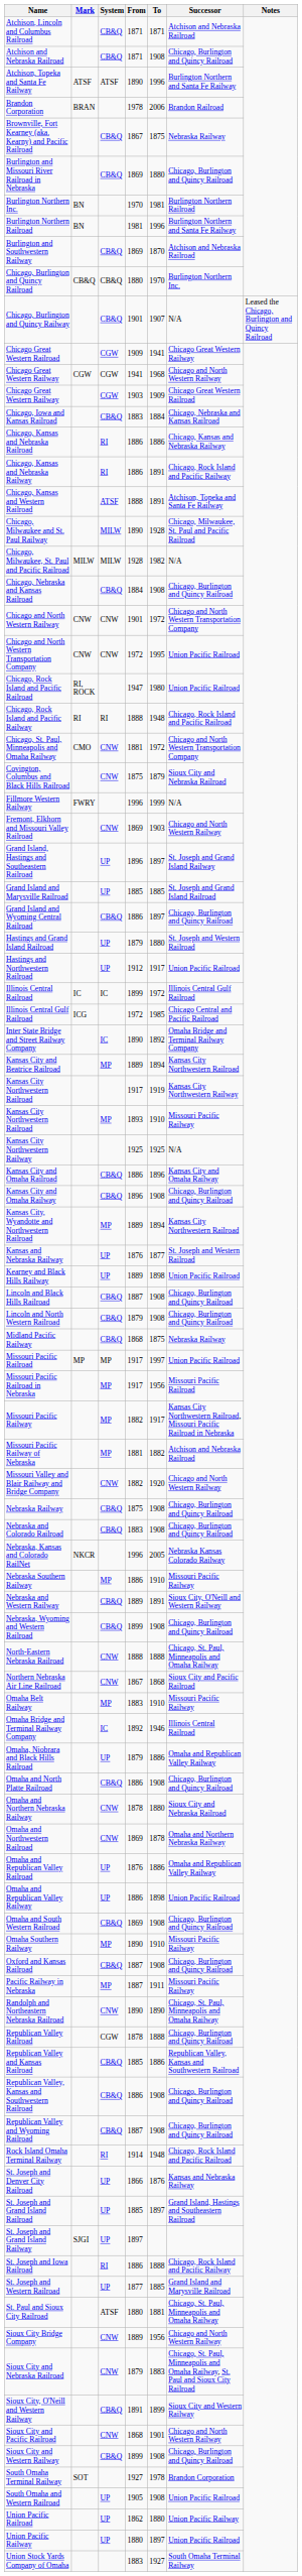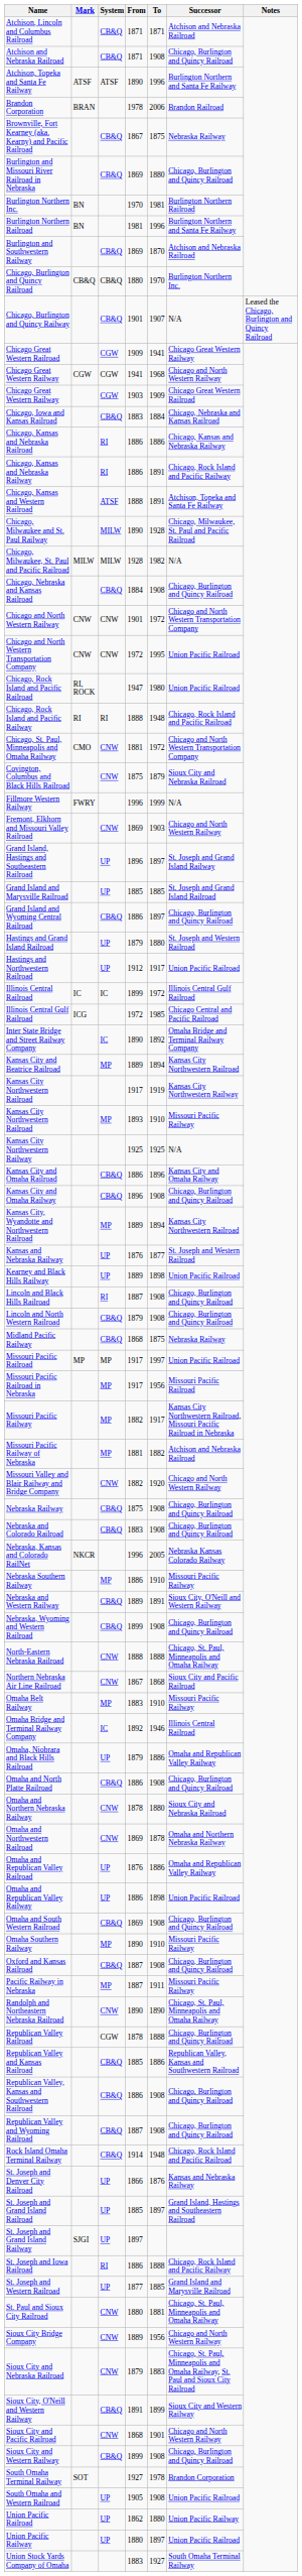 <table class="wikitable sortable">
 <tr>
 <th>Name</th>
 <th><a href='#'>Mark</a></th>
 <th>System</th>
 <th>From</th>
 <th>To</th>
 <th>Successor</th>
 <th>Notes</th>
 </tr>
 <tr>
 <td><a href='#'>Atchison, Lincoln and Columbus Railroad</a></td>
 <td></td>
 <td><a href='#'>CB&Q</a></td>
 <td>1871</td>
 <td>1871</td>
 <td><a href='#'>Atchison and Nebraska Railroad</a></td>
 </tr>
 <tr>
 <td><a href='#'>Atchison and Nebraska Railroad</a></td>
 <td></td>
 <td><a href='#'>CB&Q</a></td>
 <td>1871</td>
 <td>1908</td>
 <td><a href='#'>Chicago, Burlington and Quincy Railroad</a></td>
 </tr>
 <tr>
 <td><a href='#'>Atchison, Topeka and Santa Fe Railway</a></td>
 <td>ATSF</td>
 <td>ATSF</td>
 <td>1890</td>
 <td>1996</td>
 <td><a href='#'>Burlington Northern and Santa Fe Railway</a></td>
 </tr>
 <tr>
 <td><a href='#'>Brandon Corporation</a></td>
 <td>BRAN</td>
 <td></td>
 <td>1978</td>
 <td>2006</td>
 <td><a href='#'>Brandon Railroad</a></td>
 </tr>
 <tr>
 <td><a href='#'>Brownville, Fort Kearney (aka. Kearny) and Pacific Railroad</a></td>
 <td></td>
 <td><a href='#'>CB&Q</a></td>
 <td>1867</td>
 <td>1875</td>
 <td><a href='#'>Nebraska Railway</a></td>
 </tr>
 <tr>
 <td><a href='#'>Burlington and Missouri River Railroad in Nebraska</a></td>
 <td></td>
 <td><a href='#'>CB&Q</a></td>
 <td>1869</td>
 <td>1880</td>
 <td><a href='#'>Chicago, Burlington and Quincy Railroad</a></td>
 </tr>
 <tr>
 <td><a href='#'>Burlington Northern Inc.</a></td>
 <td>BN</td>
 <td></td>
 <td>1970</td>
 <td>1981</td>
 <td><a href='#'>Burlington Northern Railroad</a></td>
 </tr>
 <tr>
 <td><a href='#'>Burlington Northern Railroad</a></td>
 <td>BN</td>
 <td></td>
 <td>1981</td>
 <td>1996</td>
 <td><a href='#'>Burlington Northern and Santa Fe Railway</a></td>
 </tr>
 <tr>
 <td><a href='#'>Burlington and Southwestern Railway</a></td>
 <td></td>
 <td><a href='#'>CB&Q</a></td>
 <td>1869</td>
 <td>1870</td>
 <td><a href='#'>Atchison and Nebraska Railroad</a></td>
 </tr>
 <tr>
 <td><a href='#'>Chicago, Burlington and Quincy Railroad</a></td>
 <td>CB&Q</td>
 <td>CB&Q</td>
 <td>1880</td>
 <td>1970</td>
 <td><a href='#'>Burlington Northern Inc.</a></td>
 </tr>
 <tr>
 <td><a href='#'>Chicago, Burlington and Quincy Railway</a></td>
 <td></td>
 <td><a href='#'>CB&Q</a></td>
 <td>1901</td>
 <td>1907</td>
 <td>N/A</td>
 <td>Leased the <a href='#'>Chicago, Burlington and Quincy Railroad</a></td>
 </tr>
 <tr>
 <td><a href='#'>Chicago Great Western Railroad</a></td>
 <td></td>
 <td><a href='#'>CGW</a></td>
 <td>1909</td>
 <td>1941</td>
 <td><a href='#'>Chicago Great Western Railway</a></td>
 </tr>
 <tr>
 <td><a href='#'>Chicago Great Western Railway</a></td>
 <td>CGW</td>
 <td>CGW</td>
 <td>1941</td>
 <td>1968</td>
 <td><a href='#'>Chicago and North Western Railway</a></td>
 </tr>
 <tr>
 <td><a href='#'>Chicago Great Western Railway</a></td>
 <td></td>
 <td><a href='#'>CGW</a></td>
 <td>1903</td>
 <td>1909</td>
 <td><a href='#'>Chicago Great Western Railroad</a></td>
 </tr>
 <tr>
 <td><a href='#'>Chicago, Iowa and Kansas Railroad</a></td>
 <td></td>
 <td><a href='#'>CB&Q</a></td>
 <td>1883</td>
 <td>1884</td>
 <td><a href='#'>Chicago, Nebraska and Kansas Railroad</a></td>
 </tr>
 <tr>
 <td><a href='#'>Chicago, Kansas and Nebraska Railroad</a></td>
 <td></td>
 <td><a href='#'>RI</a></td>
 <td>1886</td>
 <td>1886</td>
 <td><a href='#'>Chicago, Kansas and Nebraska Railway</a></td>
 </tr>
 <tr>
 <td><a href='#'>Chicago, Kansas and Nebraska Railway</a></td>
 <td></td>
 <td><a href='#'>RI</a></td>
 <td>1886</td>
 <td>1891</td>
 <td><a href='#'>Chicago, Rock Island and Pacific Railway</a></td>
 </tr>
 <tr>
 <td><a href='#'>Chicago, Kansas and Western Railroad</a></td>
 <td></td>
 <td><a href='#'>ATSF</a></td>
 <td>1888</td>
 <td>1891</td>
 <td><a href='#'>Atchison, Topeka and Santa Fe Railway</a></td>
 </tr>
 <tr>
 <td><a href='#'>Chicago, Milwaukee and St. Paul Railway</a></td>
 <td></td>
 <td><a href='#'>MILW</a></td>
 <td>1890</td>
 <td>1928</td>
 <td><a href='#'>Chicago, Milwaukee, St. Paul and Pacific Railroad</a></td>
 </tr>
 <tr>
 <td><a href='#'>Chicago, Milwaukee, St. Paul and Pacific Railroad</a></td>
 <td>MILW</td>
 <td>MILW</td>
 <td>1928</td>
 <td>1982</td>
 <td>N/A</td>
 </tr>
 <tr>
 <td><a href='#'>Chicago, Nebraska and Kansas Railroad</a></td>
 <td></td>
 <td><a href='#'>CB&Q</a></td>
 <td>1884</td>
 <td>1908</td>
 <td><a href='#'>Chicago, Burlington and Quincy Railroad</a></td>
 </tr>
 <tr>
 <td><a href='#'>Chicago and North Western Railway</a></td>
 <td>CNW</td>
 <td>CNW</td>
 <td>1901</td>
 <td>1972</td>
 <td><a href='#'>Chicago and North Western Transportation Company</a></td>
 </tr>
 <tr>
 <td><a href='#'>Chicago and North Western Transportation Company</a></td>
 <td>CNW</td>
 <td>CNW</td>
 <td>1972</td>
 <td>1995</td>
 <td><a href='#'>Union Pacific Railroad</a></td>
 </tr>
 <tr>
 <td><a href='#'>Chicago, Rock Island and Pacific Railroad</a></td>
 <td>RI, ROCK</td>
 <td></td>
 <td>1947</td>
 <td>1980</td>
 <td><a href='#'>Union Pacific Railroad</a></td>
 </tr>
 <tr>
 <td><a href='#'>Chicago, Rock Island and Pacific Railway</a></td>
 <td>RI</td>
 <td>RI</td>
 <td>1888</td>
 <td>1948</td>
 <td><a href='#'>Chicago, Rock Island and Pacific Railroad</a></td>
 </tr>
 <tr>
 <td><a href='#'>Chicago, St. Paul, Minneapolis and Omaha Railway</a></td>
 <td>CMO</td>
 <td><a href='#'>CNW</a></td>
 <td>1881</td>
 <td>1972</td>
 <td><a href='#'>Chicago and North Western Transportation Company</a></td>
 </tr>
 <tr>
 <td><a href='#'>Covington, Columbus and Black Hills Railroad</a></td>
 <td></td>
 <td><a href='#'>CNW</a></td>
 <td>1875</td>
 <td>1879</td>
 <td><a href='#'>Sioux City and Nebraska Railroad</a></td>
 </tr>
 <tr>
 <td><a href='#'>Fillmore Western Railway</a></td>
 <td>FWRY</td>
 <td></td>
 <td>1996</td>
 <td>1999</td>
 <td>N/A</td>
 </tr>
 <tr>
 <td><a href='#'>Fremont, Elkhorn and Missouri Valley Railroad</a></td>
 <td></td>
 <td><a href='#'>CNW</a></td>
 <td>1869</td>
 <td>1903</td>
 <td><a href='#'>Chicago and North Western Railway</a></td>
 </tr>
 <tr>
 <td><a href='#'>Grand Island, Hastings and Southeastern Railroad</a></td>
 <td></td>
 <td><a href='#'>UP</a></td>
 <td>1896</td>
 <td>1897</td>
 <td><a href='#'>St. Joseph and Grand Island Railway</a></td>
 </tr>
 <tr>
 <td><a href='#'>Grand Island and Marysville Railroad</a></td>
 <td></td>
 <td><a href='#'>UP</a></td>
 <td>1885</td>
 <td>1885</td>
 <td><a href='#'>St. Joseph and Grand Island Railroad</a></td>
 </tr>
 <tr>
 <td><a href='#'>Grand Island and Wyoming Central Railroad</a></td>
 <td></td>
 <td><a href='#'>CB&Q</a></td>
 <td>1886</td>
 <td>1897</td>
 <td><a href='#'>Chicago, Burlington and Quincy Railroad</a></td>
 </tr>
 <tr>
 <td><a href='#'>Hastings and Grand Island Railroad</a></td>
 <td></td>
 <td><a href='#'>UP</a></td>
 <td>1879</td>
 <td>1880</td>
 <td><a href='#'>St. Joseph and Western Railroad</a></td>
 </tr>
 <tr>
 <td><a href='#'>Hastings and Northwestern Railroad</a></td>
 <td></td>
 <td><a href='#'>UP</a></td>
 <td>1912</td>
 <td>1917</td>
 <td><a href='#'>Union Pacific Railroad</a></td>
 </tr>
 <tr>
 <td><a href='#'>Illinois Central Railroad</a></td>
 <td>IC</td>
 <td>IC</td>
 <td>1899</td>
 <td>1972</td>
 <td><a href='#'>Illinois Central Gulf Railroad</a></td>
 </tr>
 <tr>
 <td><a href='#'>Illinois Central Gulf Railroad</a></td>
 <td>ICG</td>
 <td></td>
 <td>1972</td>
 <td>1985</td>
 <td><a href='#'>Chicago Central and Pacific Railroad</a></td>
 </tr>
 <tr>
 <td><a href='#'>Inter State Bridge and Street Railway Company</a></td>
 <td></td>
 <td><a href='#'>IC</a></td>
 <td>1890</td>
 <td>1892</td>
 <td><a href='#'>Omaha Bridge and Terminal Railway Company</a></td>
 </tr>
 <tr>
 <td><a href='#'>Kansas City and Beatrice Railroad</a></td>
 <td></td>
 <td><a href='#'>MP</a></td>
 <td>1889</td>
 <td>1894</td>
 <td><a href='#'>Kansas City Northwestern Railroad</a></td>
 </tr>
 <tr>
 <td><a href='#'>Kansas City Northwestern Railroad</a></td>
 <td></td>
 <td></td>
 <td>1917</td>
 <td>1919</td>
 <td><a href='#'>Kansas City Northwestern Railway</a></td>
 </tr>
 <tr>
 <td><a href='#'>Kansas City Northwestern Railroad</a></td>
 <td></td>
 <td><a href='#'>MP</a></td>
 <td>1893</td>
 <td>1910</td>
 <td><a href='#'>Missouri Pacific Railway</a></td>
 </tr>
 <tr>
 <td><a href='#'>Kansas City Northwestern Railway</a></td>
 <td></td>
 <td></td>
 <td>1925</td>
 <td>1925</td>
 <td>N/A</td>
 </tr>
 <tr>
 <td><a href='#'>Kansas City and Omaha Railroad</a></td>
 <td></td>
 <td><a href='#'>CB&Q</a></td>
 <td>1886</td>
 <td>1896</td>
 <td><a href='#'>Kansas City and Omaha Railway</a></td>
 </tr>
 <tr>
 <td><a href='#'>Kansas City and Omaha Railway</a></td>
 <td></td>
 <td><a href='#'>CB&Q</a></td>
 <td>1896</td>
 <td>1908</td>
 <td><a href='#'>Chicago, Burlington and Quincy Railroad</a></td>
 </tr>
 <tr>
 <td><a href='#'>Kansas City, Wyandotte and Northwestern Railroad</a></td>
 <td></td>
 <td><a href='#'>MP</a></td>
 <td>1889</td>
 <td>1894</td>
 <td><a href='#'>Kansas City Northwestern Railroad</a></td>
 </tr>
 <tr>
 <td><a href='#'>Kansas and Nebraska Railway</a></td>
 <td></td>
 <td><a href='#'>UP</a></td>
 <td>1876</td>
 <td>1877</td>
 <td><a href='#'>St. Joseph and Western Railroad</a></td>
 </tr>
 <tr>
 <td><a href='#'>Kearney and Black Hills Railway</a></td>
 <td></td>
 <td><a href='#'>UP</a></td>
 <td>1889</td>
 <td>1898</td>
 <td><a href='#'>Union Pacific Railroad</a></td>
 </tr>
 <tr>
 <td><a href='#'>Lincoln and Black Hills Railroad</a></td>
 <td></td>
-<td><a href='#'>CB&Q</a></td>
+<td><a href='#'>RI</a></td>
 <td>1887</td>
 <td>1908</td>
 <td><a href='#'>Chicago, Burlington and Quincy Railroad</a></td>
 </tr>
 <tr>
 <td><a href='#'>Lincoln and North Western Railroad</a></td>
 <td></td>
 <td><a href='#'>CB&Q</a></td>
 <td>1879</td>
 <td>1908</td>
 <td><a href='#'>Chicago, Burlington and Quincy Railroad</a></td>
 </tr>
 <tr>
 <td><a href='#'>Midland Pacific Railway</a></td>
 <td></td>
 <td><a href='#'>CB&Q</a></td>
 <td>1868</td>
 <td>1875</td>
 <td><a href='#'>Nebraska Railway</a></td>
 </tr>
 <tr>
 <td><a href='#'>Missouri Pacific Railroad</a></td>
 <td>MP</td>
 <td>MP</td>
 <td>1917</td>
 <td>1997</td>
 <td><a href='#'>Union Pacific Railroad</a></td>
 </tr>
 <tr>
 <td><a href='#'>Missouri Pacific Railroad in Nebraska</a></td>
 <td></td>
 <td><a href='#'>MP</a></td>
 <td>1917</td>
 <td>1956</td>
 <td><a href='#'>Missouri Pacific Railroad</a></td>
 </tr>
 <tr>
 <td><a href='#'>Missouri Pacific Railway</a></td>
 <td></td>
 <td><a href='#'>MP</a></td>
 <td>1882</td>
 <td>1917</td>
 <td><a href='#'>Kansas City Northwestern Railroad</a>, <a href='#'>Missouri Pacific Railroad in Nebraska</a></td>
 </tr>
 <tr>
 <td><a href='#'>Missouri Pacific Railway of Nebraska</a></td>
 <td></td>
 <td><a href='#'>MP</a></td>
 <td>1881</td>
 <td>1882</td>
 <td><a href='#'>Atchison and Nebraska Railroad</a></td>
 </tr>
 <tr>
 <td><a href='#'>Missouri Valley and Blair Railway and Bridge Company</a></td>
 <td></td>
 <td><a href='#'>CNW</a></td>
 <td>1882</td>
 <td>1920</td>
 <td><a href='#'>Chicago and North Western Railway</a></td>
 </tr>
 <tr>
 <td><a href='#'>Nebraska Railway</a></td>
 <td></td>
 <td><a href='#'>CB&Q</a></td>
 <td>1875</td>
 <td>1908</td>
 <td><a href='#'>Chicago, Burlington and Quincy Railroad</a></td>
 </tr>
 <tr>
 <td><a href='#'>Nebraska and Colorado Railroad</a></td>
 <td></td>
 <td><a href='#'>CB&Q</a></td>
 <td>1883</td>
 <td>1908</td>
 <td><a href='#'>Chicago, Burlington and Quincy Railroad</a></td>
 </tr>
 <tr>
 <td><a href='#'>Nebraska, Kansas and Colorado RailNet</a></td>
 <td>NKCR</td>
 <td></td>
 <td>1996</td>
 <td>2005</td>
 <td><a href='#'>Nebraska Kansas Colorado Railway</a></td>
 </tr>
 <tr>
 <td><a href='#'>Nebraska Southern Railway</a></td>
 <td></td>
 <td><a href='#'>MP</a></td>
 <td>1886</td>
 <td>1910</td>
 <td><a href='#'>Missouri Pacific Railway</a></td>
 </tr>
 <tr>
 <td><a href='#'>Nebraska and Western Railway</a></td>
 <td></td>
 <td><a href='#'>CB&Q</a></td>
 <td>1889</td>
 <td>1891</td>
 <td><a href='#'>Sioux City, O'Neill and Western Railway</a></td>
 </tr>
 <tr>
 <td><a href='#'>Nebraska, Wyoming and Western Railroad</a></td>
 <td></td>
 <td><a href='#'>CB&Q</a></td>
 <td>1899</td>
 <td>1908</td>
 <td><a href='#'>Chicago, Burlington and Quincy Railroad</a></td>
 </tr>
 <tr>
 <td><a href='#'>North-Eastern Nebraska Railroad</a></td>
 <td></td>
 <td><a href='#'>CNW</a></td>
 <td>1888</td>
 <td>1888</td>
 <td><a href='#'>Chicago, St. Paul, Minneapolis and Omaha Railway</a></td>
 </tr>
 <tr>
 <td><a href='#'>Northern Nebraska Air Line Railroad</a></td>
 <td></td>
 <td><a href='#'>CNW</a></td>
 <td>1867</td>
 <td>1868</td>
 <td><a href='#'>Sioux City and Pacific Railroad</a></td>
 </tr>
 <tr>
 <td><a href='#'>Omaha Belt Railway</a></td>
 <td></td>
 <td><a href='#'>MP</a></td>
 <td>1883</td>
 <td>1910</td>
 <td><a href='#'>Missouri Pacific Railway</a></td>
 </tr>
 <tr>
 <td><a href='#'>Omaha Bridge and Terminal Railway Company</a></td>
 <td></td>
 <td><a href='#'>IC</a></td>
 <td>1892</td>
 <td>1946</td>
 <td><a href='#'>Illinois Central Railroad</a></td>
 </tr>
 <tr>
 <td><a href='#'>Omaha, Niobrara and Black Hills Railroad</a></td>
 <td></td>
 <td><a href='#'>UP</a></td>
 <td>1879</td>
 <td>1886</td>
 <td><a href='#'>Omaha and Republican Valley Railway</a></td>
 </tr>
 <tr>
 <td><a href='#'>Omaha and North Platte Railroad</a></td>
 <td></td>
 <td><a href='#'>CB&Q</a></td>
 <td>1886</td>
 <td>1908</td>
 <td><a href='#'>Chicago, Burlington and Quincy Railroad</a></td>
 </tr>
 <tr>
 <td><a href='#'>Omaha and Northern Nebraska Railway</a></td>
 <td></td>
 <td><a href='#'>CNW</a></td>
 <td>1878</td>
 <td>1880</td>
 <td><a href='#'>Sioux City and Nebraska Railroad</a></td>
 </tr>
 <tr>
 <td><a href='#'>Omaha and Northwestern Railroad</a></td>
 <td></td>
 <td><a href='#'>CNW</a></td>
 <td>1869</td>
 <td>1878</td>
 <td><a href='#'>Omaha and Northern Nebraska Railway</a></td>
 </tr>
 <tr>
 <td><a href='#'>Omaha and Republican Valley Railroad</a></td>
 <td></td>
 <td><a href='#'>UP</a></td>
 <td>1876</td>
 <td>1886</td>
 <td><a href='#'>Omaha and Republican Valley Railway</a></td>
 </tr>
 <tr>
 <td><a href='#'>Omaha and Republican Valley Railway</a></td>
 <td></td>
 <td><a href='#'>UP</a></td>
 <td>1886</td>
 <td>1898</td>
 <td><a href='#'>Union Pacific Railroad</a></td>
 </tr>
 <tr>
 <td><a href='#'>Omaha and South Western Railroad</a></td>
 <td></td>
 <td><a href='#'>CB&Q</a></td>
 <td>1869</td>
 <td>1908</td>
 <td><a href='#'>Chicago, Burlington and Quincy Railroad</a></td>
 </tr>
 <tr>
 <td><a href='#'>Omaha Southern Railway</a></td>
 <td></td>
 <td><a href='#'>MP</a></td>
 <td>1890</td>
 <td>1910</td>
 <td><a href='#'>Missouri Pacific Railway</a></td>
 </tr>
 <tr>
 <td><a href='#'>Oxford and Kansas Railroad</a></td>
 <td></td>
 <td><a href='#'>CB&Q</a></td>
 <td>1887</td>
 <td>1908</td>
 <td><a href='#'>Chicago, Burlington and Quincy Railroad</a></td>
 </tr>
 <tr>
 <td><a href='#'>Pacific Railway in Nebraska</a></td>
 <td></td>
 <td><a href='#'>MP</a></td>
 <td>1887</td>
 <td>1911</td>
 <td><a href='#'>Missouri Pacific Railway</a></td>
 </tr>
 <tr>
 <td><a href='#'>Randolph and Northeastern Nebraska Railroad</a></td>
 <td></td>
 <td><a href='#'>CNW</a></td>
 <td>1890</td>
 <td>1890</td>
 <td><a href='#'>Chicago, St. Paul, Minneapolis and Omaha Railway</a></td>
 </tr>
 <tr>
 <td><a href='#'>Republican Valley Railroad</a></td>
 <td></td>
 <td>CGW</td>
 <td>1878</td>
 <td>1888</td>
 <td><a href='#'>Chicago, Burlington and Quincy Railroad</a></td>
 </tr>
 <tr>
 <td><a href='#'>Republican Valley and Kansas Railroad</a></td>
 <td></td>
 <td><a href='#'>CB&Q</a></td>
 <td>1885</td>
 <td>1886</td>
 <td><a href='#'>Republican Valley, Kansas and Southwestern Railroad</a></td>
 </tr>
 <tr>
 <td><a href='#'>Republican Valley, Kansas and Southwestern Railroad</a></td>
 <td></td>
 <td><a href='#'>CB&Q</a></td>
 <td>1886</td>
 <td>1908</td>
 <td><a href='#'>Chicago, Burlington and Quincy Railroad</a></td>
 </tr>
 <tr>
 <td><a href='#'>Republican Valley and Wyoming Railroad</a></td>
 <td></td>
 <td><a href='#'>CB&Q</a></td>
 <td>1887</td>
 <td>1908</td>
 <td><a href='#'>Chicago, Burlington and Quincy Railroad</a></td>
 </tr>
 <tr>
 <td><a href='#'>Rock Island Omaha Terminal Railway</a></td>
 <td></td>
-<td><a href='#'>RI</a></td>
+<td><a href='#'>CB&Q</a></td>
 <td>1914</td>
 <td>1948</td>
 <td><a href='#'>Chicago, Rock Island and Pacific Railroad</a></td>
 </tr>
 <tr>
 <td><a href='#'>St. Joseph and Denver City Railroad</a></td>
 <td></td>
 <td><a href='#'>UP</a></td>
 <td>1866</td>
 <td>1876</td>
 <td><a href='#'>Kansas and Nebraska Railway</a></td>
 </tr>
 <tr>
 <td><a href='#'>St. Joseph and Grand Island Railroad</a></td>
 <td></td>
 <td><a href='#'>UP</a></td>
 <td>1885</td>
 <td>1897</td>
 <td><a href='#'>Grand Island, Hastings and Southeastern Railroad</a></td>
 </tr>
 <tr>
 <td><a href='#'>St. Joseph and Grand Island Railway</a></td>
 <td>SJGI</td>
 <td><a href='#'>UP</a></td>
 <td>1897</td>
 <td></td>
 <td></td>
 </tr>
 <tr>
 <td><a href='#'>St. Joseph and Iowa Railroad</a></td>
 <td></td>
 <td><a href='#'>RI</a></td>
 <td>1886</td>
 <td>1888</td>
 <td><a href='#'>Chicago, Rock Island and Pacific Railway</a></td>
 </tr>
 <tr>
 <td><a href='#'>St. Joseph and Western Railroad</a></td>
 <td></td>
 <td><a href='#'>UP</a></td>
 <td>1877</td>
 <td>1885</td>
 <td><a href='#'>Grand Island and Marysville Railroad</a></td>
 </tr>
 <tr>
 <td><a href='#'>St. Paul and Sioux City Railroad</a></td>
 <td></td>
-<td>ATSF</td>
+<td><a href='#'>CNW</a></td>
 <td>1880</td>
 <td>1881</td>
 <td><a href='#'>Chicago, St. Paul, Minneapolis and Omaha Railway</a></td>
 </tr>
 <tr>
 <td><a href='#'>Sioux City Bridge Company</a></td>
 <td></td>
 <td><a href='#'>CNW</a></td>
 <td>1889</td>
 <td>1956</td>
 <td><a href='#'>Chicago and North Western Railway</a></td>
 </tr>
 <tr>
 <td><a href='#'>Sioux City and Nebraska Railroad</a></td>
 <td></td>
 <td><a href='#'>CNW</a></td>
 <td>1879</td>
 <td>1883</td>
 <td><a href='#'>Chicago, St. Paul, Minneapolis and Omaha Railway</a>, <a href='#'>St. Paul and Sioux City Railroad</a></td>
 </tr>
 <tr>
 <td><a href='#'>Sioux City, O'Neill and Western Railway</a></td>
 <td></td>
 <td><a href='#'>CB&Q</a></td>
 <td>1891</td>
 <td>1899</td>
 <td><a href='#'>Sioux City and Western Railway</a></td>
 </tr>
 <tr>
 <td><a href='#'>Sioux City and Pacific Railroad</a></td>
 <td></td>
 <td><a href='#'>CNW</a></td>
 <td>1868</td>
 <td>1901</td>
 <td><a href='#'>Chicago and North Western Railway</a></td>
 </tr>
 <tr>
 <td><a href='#'>Sioux City and Western Railway</a></td>
 <td></td>
 <td><a href='#'>CB&Q</a></td>
 <td>1899</td>
 <td>1908</td>
 <td><a href='#'>Chicago, Burlington and Quincy Railroad</a></td>
 </tr>
 <tr>
 <td><a href='#'>South Omaha Terminal Railway</a></td>
 <td>SOT</td>
 <td></td>
 <td>1927</td>
 <td>1978</td>
 <td><a href='#'>Brandon Corporation</a></td>
 </tr>
 <tr>
 <td><a href='#'>South Omaha and Western Railroad</a></td>
 <td></td>
 <td><a href='#'>UP</a></td>
 <td>1905</td>
 <td>1908</td>
 <td><a href='#'>Union Pacific Railroad</a></td>
 </tr>
 <tr>
 <td><a href='#'>Union Pacific Railroad</a></td>
 <td></td>
 <td><a href='#'>UP</a></td>
 <td>1862</td>
 <td>1880</td>
 <td><a href='#'>Union Pacific Railway</a></td>
 </tr>
 <tr>
 <td><a href='#'>Union Pacific Railway</a></td>
 <td></td>
 <td><a href='#'>UP</a></td>
 <td>1880</td>
 <td>1897</td>
 <td><a href='#'>Union Pacific Railroad</a></td>
 </tr>
 <tr>
 <td><a href='#'>Union Stock Yards Company of Omaha</a></td>
 <td></td>
 <td></td>
 <td>1883</td>
 <td>1927</td>
 <td><a href='#'>South Omaha Terminal Railway</a></td>
 </tr>
 </table>
